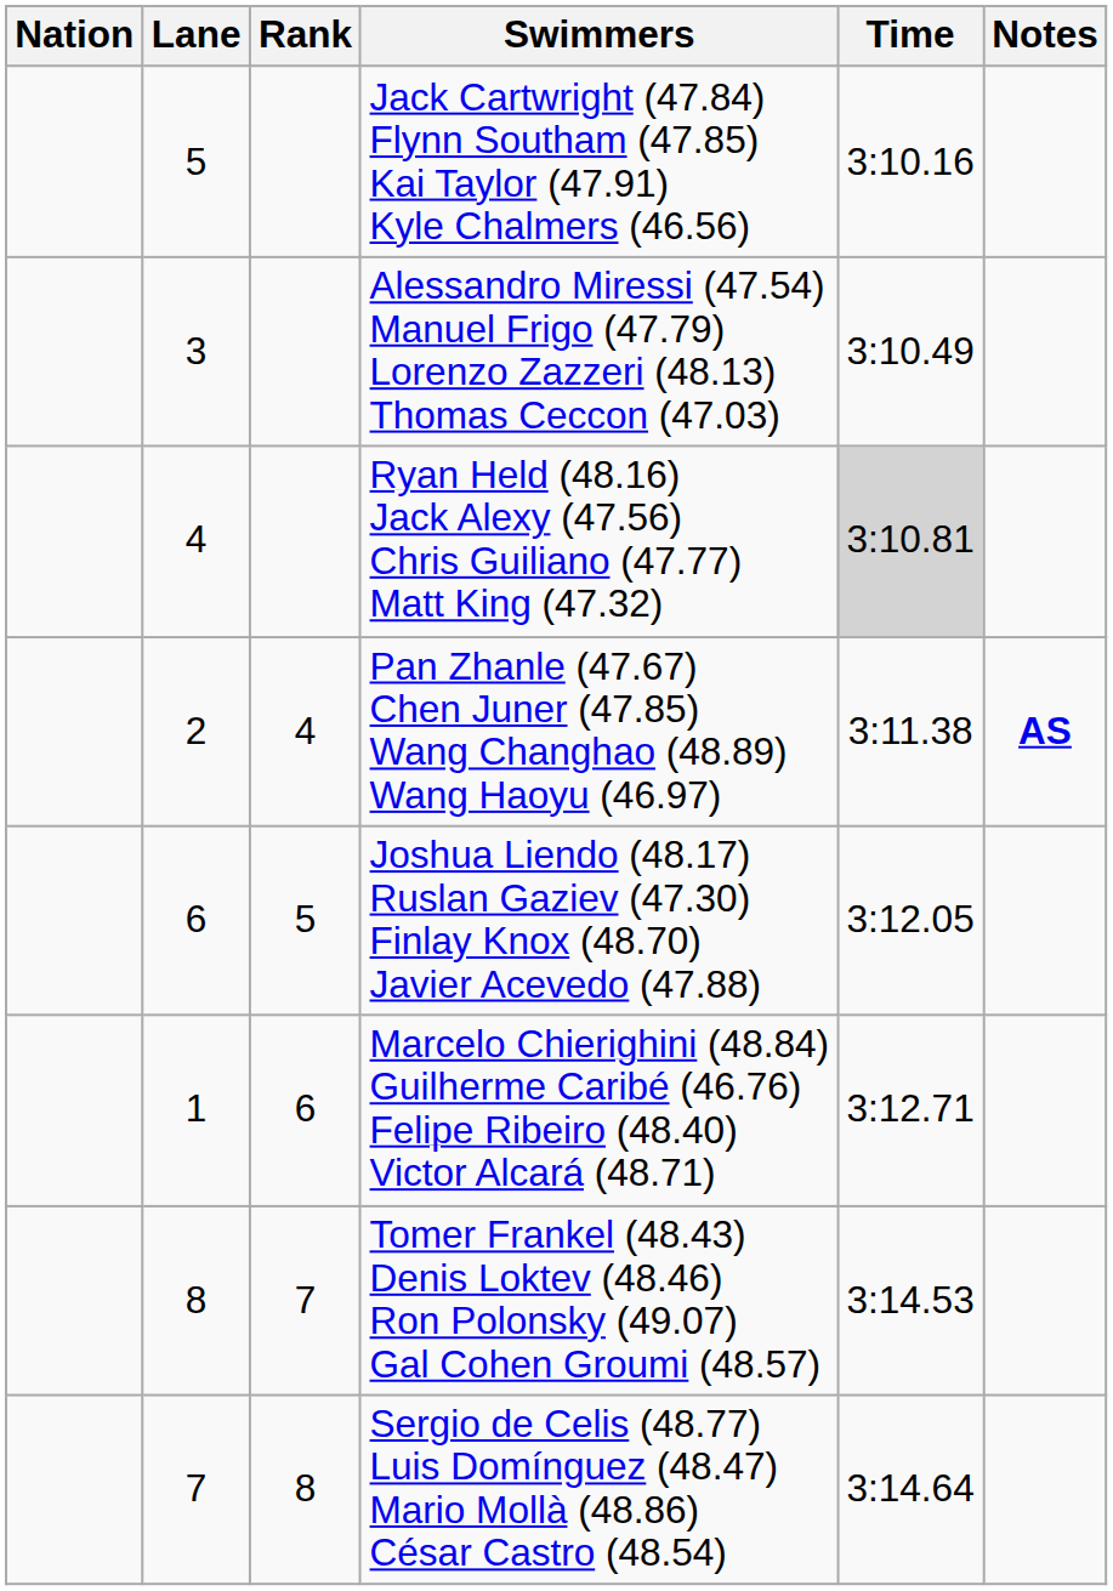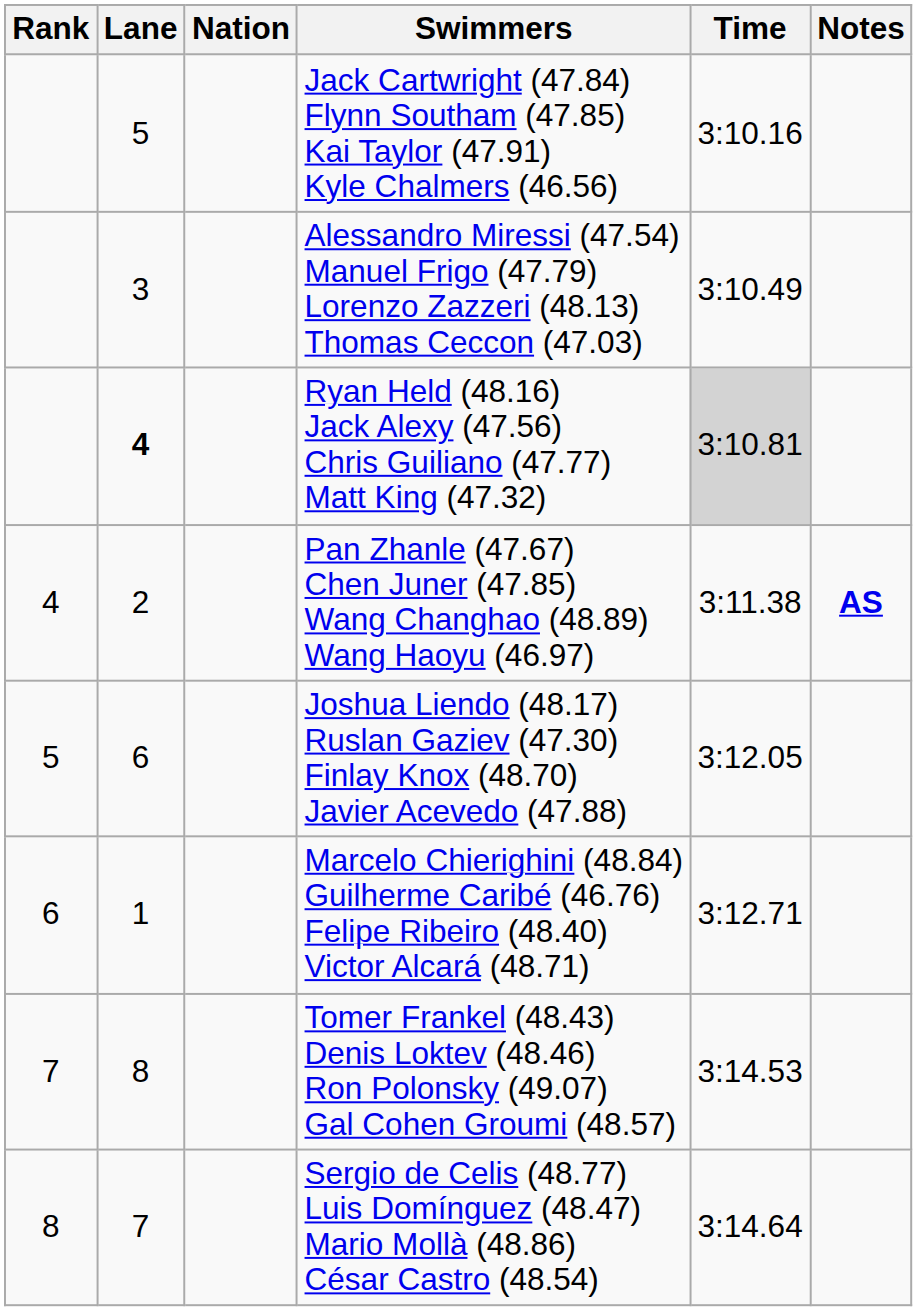 <table class="wikitable sortable" style="text-align:center">
 <tr>
+<th>Rank</th>
+<th>Lane</th>
 <th>Nation</th>
-<th>Lane</th>
-<th>Rank</th>
 <th>Swimmers</th>
 <th>Time</th>
 <th>Notes</th>
 </tr>
 <tr>
+<td></td>
+<td>5</td>
 <td align=left></td>
-<td>5</td>
-<td></td>
 <td align=left><a href='#'>Jack Cartwright</a> (47.84)<br><a href='#'>Flynn Southam</a> (47.85)<br><a href='#'>Kai Taylor</a> (47.91)<br><a href='#'>Kyle Chalmers</a> (46.56)</td>
 <td>3:10.16</td>
 <td></td>
 </tr>
 <tr>
+<td></td>
+<td>3</td>
 <td align=left></td>
-<td>3</td>
-<td></td>
 <td align=left><a href='#'>Alessandro Miressi</a> (47.54)<br><a href='#'>Manuel Frigo</a> (47.79)<br><a href='#'>Lorenzo Zazzeri</a> (48.13)<br><a href='#'>Thomas Ceccon</a> (47.03)</td>
 <td>3:10.49</td>
 <td></td>
 </tr>
 <tr>
+<td></td>
+<td><strong>4</strong></td>
 <td align=left></td>
-<td>4</td>
-<td></td>
 <td align=left><a href='#'>Ryan Held</a> (48.16)<br><a href='#'>Jack Alexy</a> (47.56)<br><a href='#'>Chris Guiliano</a> (47.77)<br><a href='#'>Matt King</a> (47.32)</td>
 <td style="background: lightgrey;">3:10.81</td>
 <td></td>
 </tr>
 <tr>
+<td>4</td>
+<td>2</td>
 <td align=left></td>
-<td>2</td>
-<td>4</td>
 <td align=left><a href='#'>Pan Zhanle</a> (47.67)<br><a href='#'>Chen Juner</a> (47.85)<br><a href='#'>Wang Changhao</a> (48.89)<br><a href='#'>Wang Haoyu</a> (46.97)</td>
 <td>3:11.38</td>
 <td><strong><a href='#'>AS</a></strong></td>
 </tr>
 <tr>
+<td>5</td>
+<td>6</td>
 <td align=left></td>
-<td>6</td>
-<td>5</td>
 <td align=left><a href='#'>Joshua Liendo</a> (48.17)<br><a href='#'>Ruslan Gaziev</a> (47.30)<br><a href='#'>Finlay Knox</a> (48.70)<br><a href='#'>Javier Acevedo</a> (47.88)</td>
 <td>3:12.05</td>
 <td></td>
 </tr>
 <tr>
+<td>6</td>
+<td>1</td>
 <td align=left></td>
-<td>1</td>
-<td>6</td>
 <td align=left><a href='#'>Marcelo Chierighini</a> (48.84)<br><a href='#'>Guilherme Caribé</a> (46.76)<br><a href='#'>Felipe Ribeiro</a> (48.40)<br><a href='#'>Victor Alcará</a> (48.71)</td>
 <td>3:12.71</td>
 <td></td>
 </tr>
 <tr>
+<td>7</td>
+<td>8</td>
 <td align=left></td>
-<td>8</td>
-<td>7</td>
 <td align=left><a href='#'>Tomer Frankel</a> (48.43)<br><a href='#'>Denis Loktev</a> (48.46)<br><a href='#'>Ron Polonsky</a> (49.07)<br><a href='#'>Gal Cohen Groumi</a> (48.57)</td>
 <td>3:14.53</td>
 <td></td>
 </tr>
 <tr>
+<td>8</td>
+<td>7</td>
 <td align=left></td>
-<td>7</td>
-<td>8</td>
 <td align=left><a href='#'>Sergio de Celis</a> (48.77)<br><a href='#'>Luis Domínguez</a> (48.47)<br><a href='#'>Mario Mollà</a> (48.86)<br><a href='#'>César Castro</a> (48.54)</td>
 <td>3:14.64</td>
 <td></td>
 </tr>
 </table>
